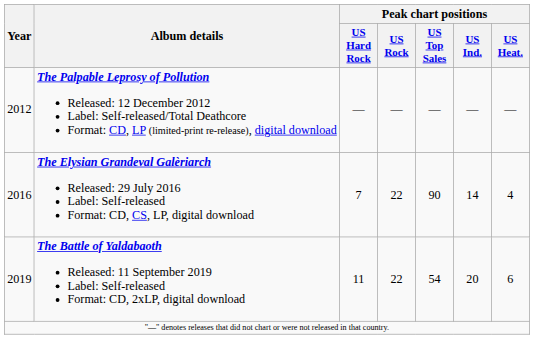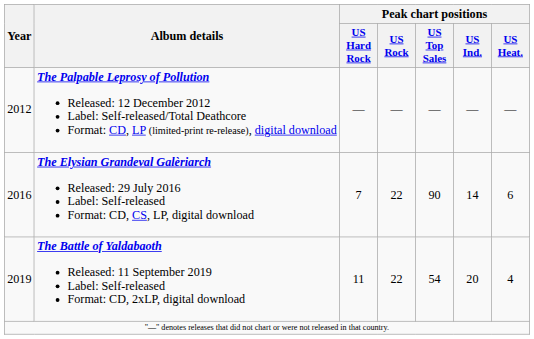 <table class="wikitable plainrowheaders" style="text-align:center;">
 <tr>
 <th rowspan="2">Year</th>
 <th rowspan="2">Album details</th>
 <th colspan="6">Peak chart positions</th>
 </tr>
 <tr>
 <th scope="col" style="width:3em;font-size:90%;"><a href='#'>US<br>Hard Rock</a><br></th>
 <th scope="col" style="width:3em;font-size:90%;"><a href='#'>US<br>Rock</a><br></th>
 <th scope="col" style="width:3em;font-size:90%;"><a href='#'>US<br>Top Sales</a><br></th>
 <th scope="col" style="width:3em;font-size:90%;"><a href='#'>US<br>Ind.</a><br></th>
 <th scope="col" style="width:3em;font-size:90%;"><a href='#'>US<br>Heat.</a><br></th>
 </tr>
 <tr>
 <td>2012</td>
 <td align="left"><strong><em><a href='#'>The Palpable Leprosy of Pollution</a></em></strong><br><ul><li>Released: 12 December 2012</li><li>Label: Self-released/Total Deathcore</li><li>Format: <a href='#'>CD</a>, <a href='#'>LP</a> <small>(limited-print re-release)</small>, <a href='#'>digital download</a></li></ul></td>
 <td style="text-align:center;">—</td>
 <td style="text-align:center;">—</td>
 <td style="text-align:center;">—</td>
 <td style="text-align:center;">—</td>
 <td style="text-align:center;">—</td>
 </tr>
 <tr>
 <td>2016</td>
 <td align="left"><strong><em><a href='#'>The Elysian Grandeval Galèriarch</a></em></strong><br><ul><li>Released: 29 July 2016</li><li>Label: Self-released</li><li>Format: CD, <a href='#'>CS</a>, LP, digital download</li></ul></td>
 <td style="text-align:center;">7</td>
 <td style="text-align:center;">22</td>
 <td style="text-align:center;">90</td>
 <td style="text-align:center;">14</td>
-<td style="text-align:center;">4</td>
+<td style="text-align:center;">6</td>
 </tr>
 <tr>
 <td>2019</td>
 <td align="left"><strong><em><a href='#'>The Battle of Yaldabaoth</a></em></strong><br><ul><li>Released: 11 September 2019</li><li>Label: Self-released</li><li>Format: CD, 2xLP, digital download</li></ul></td>
 <td style="text-align:center;">11</td>
 <td style="text-align:center;">22</td>
 <td style="text-align:center;">54</td>
 <td style="text-align:center;">20</td>
-<td style="text-align:center;">6</td>
+<td style="text-align:center;">4</td>
 </tr>
 <tr>
 <td colspan="7" style="text-align:center; font-size:8pt;">"—" denotes releases that did not chart or were not released in that country.</td>
 </tr>
 </table>
